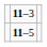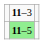 <table class="wikitable " style="font-size: 90%">
 <tr>
 <td><strong></strong></td>
 <td align="center"><strong>11</strong>–3</td>
 <td></td>
 </tr>
 <tr>
 <td><strong></strong></td>
-<td align="center"><strong>11</strong>–5</td>
+<td align="center" style="background: lightgreen;"><strong>11</strong>–5</td>
 <td></td>
 </tr>
 </table>
